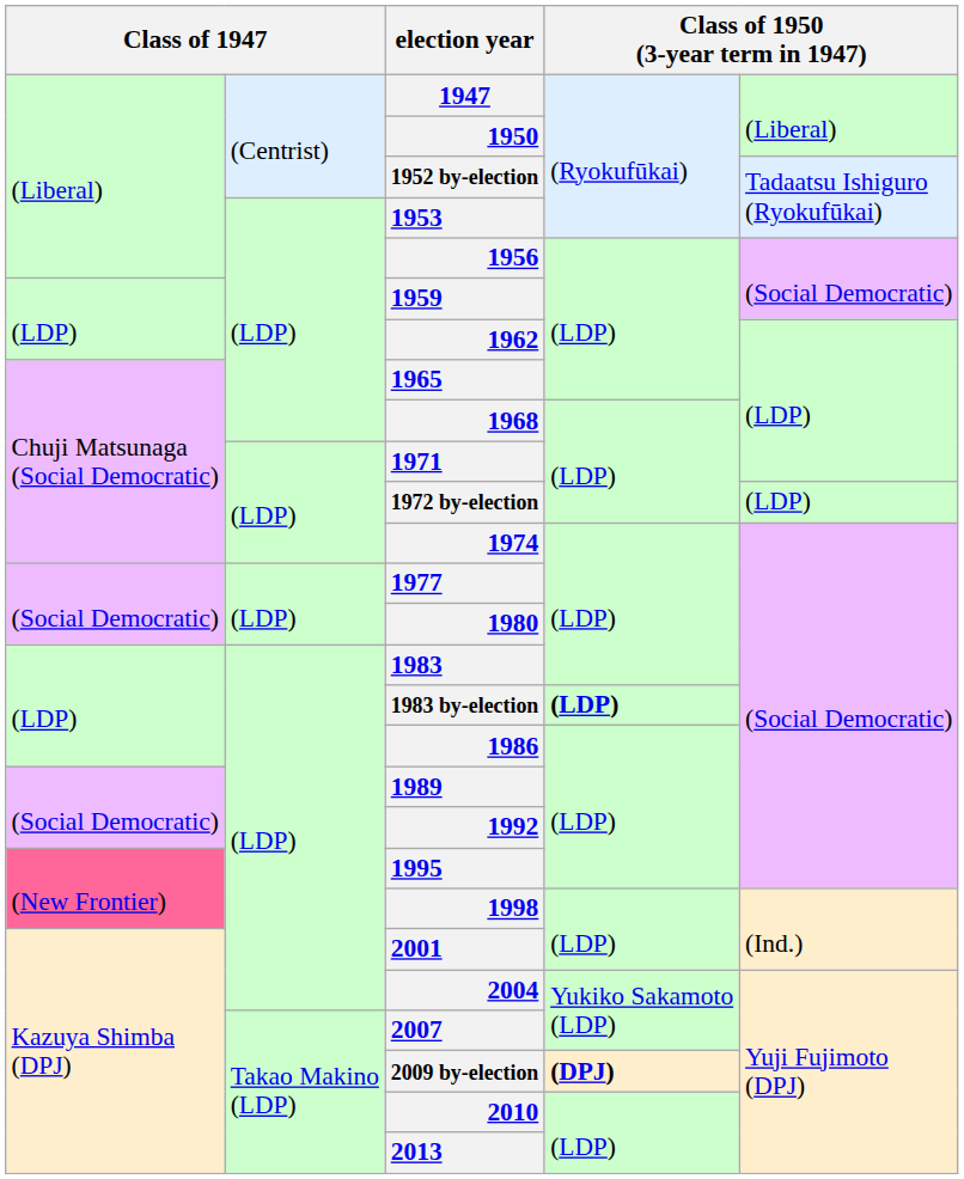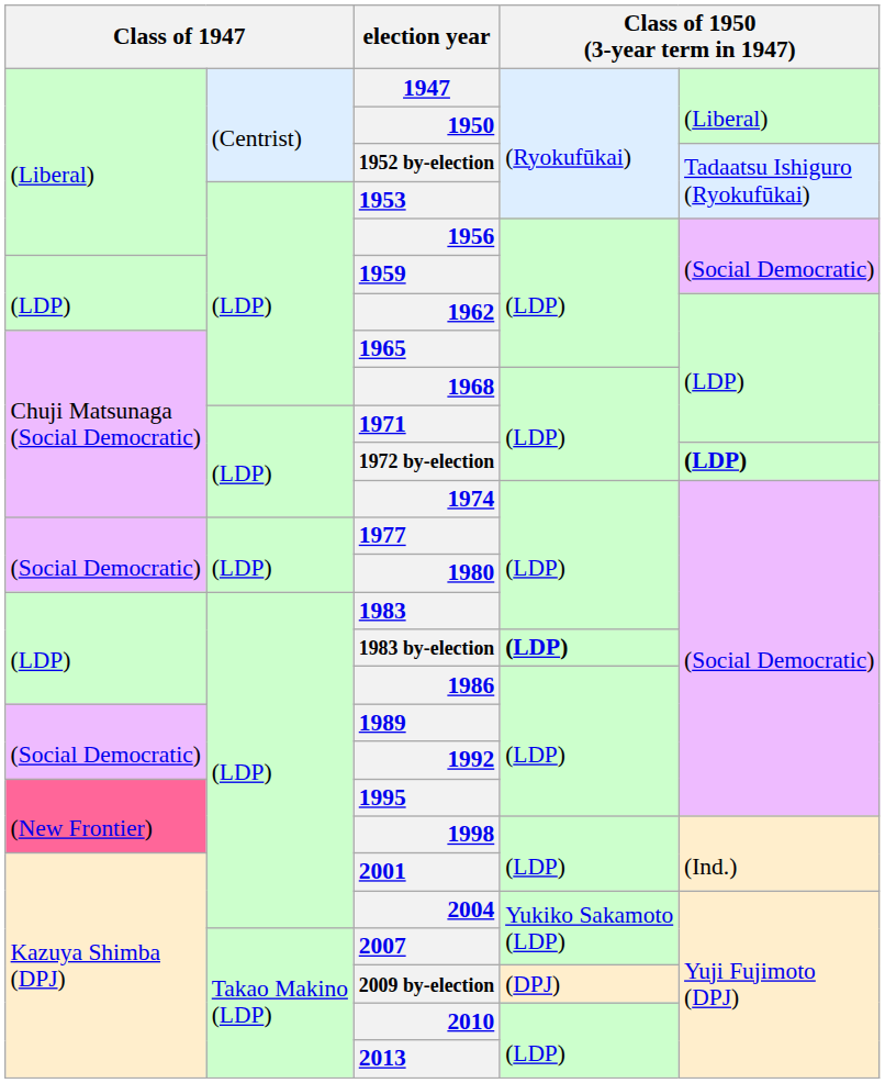 <table class="wikitable" border="1">
 <tr>
 <th colspan="2">Class of 1947</th>
 <th>election year</th>
 <th colspan="2">Class of 1950<br>(3-year term in 1947)</th>
 </tr>
 <tr>
 <td rowspan="5" bgcolor="#CCFFCC"><br>(<a href='#'>Liberal</a>)</td>
 <td rowspan="3" bgcolor="#DDEEFF"><br>(Centrist)</td>
 <th style="text-align: center"><a href='#'>1947</a></th>
 <td rowspan="4" bgcolor="#DDEEFF"><br>(<a href='#'>Ryokufūkai</a>)</td>
 <td rowspan="2" bgcolor="#CCFFCC"><br>(<a href='#'>Liberal</a>)</td>
 </tr>
 <tr>
 <th style="text-align: right"><a href='#'>1950</a></th>
 </tr>
 <tr>
 <th style="text-align: right"><small>1952 by-election</small></th>
 <td rowspan="2" bgcolor="#DDEEFF"><a href='#'>Tadaatsu Ishiguro</a><br>(<a href='#'>Ryokufūkai</a>)</td>
 </tr>
 <tr>
 <td rowspan="6" bgcolor="#CCFFCC"><br>(<a href='#'>LDP</a>)</td>
 <th style="text-align: left"><a href='#'>1953</a></th>
 </tr>
 <tr>
 <th style="text-align: right"><a href='#'>1956</a></th>
 <td rowspan="4" bgcolor="#CCFFCC"><br>(<a href='#'>LDP</a>)</td>
 <td rowspan="2" bgcolor="#EEBBFF"><br>(<a href='#'>Social Democratic</a>)</td>
 </tr>
 <tr>
 <td rowspan="2" bgcolor="#CCFFCC"><br>(<a href='#'>LDP</a>)</td>
 <th style="text-align: left"><a href='#'>1959</a></th>
 </tr>
 <tr>
 <th style="text-align: right"><a href='#'>1962</a></th>
 <td rowspan="4" bgcolor="#CCFFCC"><br>(<a href='#'>LDP</a>)</td>
 </tr>
 <tr>
 <td rowspan="5" bgcolor="#EEBBFF">Chuji Matsunaga<br>(<a href='#'>Social Democratic</a>)</td>
 <th style="text-align: left"><a href='#'>1965</a></th>
 </tr>
 <tr>
 <th style="text-align: right"><a href='#'>1968</a></th>
 <td rowspan="3" bgcolor="#CCFFCC"><br>(<a href='#'>LDP</a>)</td>
 </tr>
 <tr>
 <td rowspan="3" bgcolor="#CCFFCC"><br>(<a href='#'>LDP</a>)</td>
 <th style="text-align: left"><a href='#'>1971</a></th>
 </tr>
 <tr>
 <th style="text-align: right"><small>1972 by-election</small></th>
-<td bgcolor="#CCFFCC"> (<a href='#'>LDP</a>)</td>
+<td bgcolor="#CCFFCC"><strong> (<a href='#'>LDP</a>)</strong></td>
 </tr>
 <tr>
 <th style="text-align: right"><a href='#'>1974</a></th>
 <td rowspan="4" bgcolor="#CCFFCC"><br>(<a href='#'>LDP</a>)</td>
 <td rowspan="9" bgcolor="#EEBBFF"><br>(<a href='#'>Social Democratic</a>)</td>
 </tr>
 <tr>
 <td rowspan="2" bgcolor="#EEBBFF"><br>(<a href='#'>Social Democratic</a>)</td>
 <td rowspan="2" bgcolor="#CCFFCC"><br>(<a href='#'>LDP</a>)</td>
 <th style="text-align: left"><a href='#'>1977</a></th>
 </tr>
 <tr>
 <th style="text-align: right"><a href='#'>1980</a></th>
 </tr>
 <tr>
 <td rowspan="3" bgcolor="#CCFFCC"><br>(<a href='#'>LDP</a>)</td>
 <td rowspan="9" bgcolor="#CCFFCC"><br>(<a href='#'>LDP</a>)</td>
 <th style="text-align: left"><a href='#'>1983</a></th>
 </tr>
 <tr>
 <th style="text-align: right"><small>1983 by-election</small></th>
 <td bgcolor="#CCFFCC"><strong> (<a href='#'>LDP</a>)</strong></td>
 </tr>
 <tr>
 <th style="text-align: right"><a href='#'>1986</a></th>
 <td rowspan="4" bgcolor="#CCFFCC"><br>(<a href='#'>LDP</a>)</td>
 </tr>
 <tr>
 <td rowspan="2" bgcolor="#EEBBFF"><br>(<a href='#'>Social Democratic</a>)</td>
 <th style="text-align: left"><a href='#'>1989</a></th>
 </tr>
 <tr>
 <th style="text-align: right"><a href='#'>1992</a></th>
 </tr>
 <tr>
 <td rowspan="2" bgcolor="#FF6699"><br>(<a href='#'>New Frontier</a>)</td>
 <th style="text-align: left"><a href='#'>1995</a></th>
 </tr>
 <tr>
 <th style="text-align: right"><a href='#'>1998</a></th>
 <td rowspan="2" bgcolor="#CCFFCC"><br>(<a href='#'>LDP</a>)</td>
 <td rowspan="2" bgcolor="#FFEECC"><br>(Ind.)</td>
 </tr>
 <tr>
 <td rowspan="6" bgcolor="#FFEECC"><a href='#'>Kazuya Shimba</a><br>(<a href='#'>DPJ</a>)</td>
 <th style="text-align: left"><a href='#'>2001</a></th>
 </tr>
 <tr>
 <th style="text-align: right"><a href='#'>2004</a></th>
 <td rowspan="2" bgcolor="#CCFFCC"><a href='#'>Yukiko Sakamoto</a><br>(<a href='#'>LDP</a>)</td>
 <td rowspan="5" bgcolor="#FFEECC"><a href='#'>Yuji Fujimoto</a><br>(<a href='#'>DPJ</a>)</td>
 </tr>
 <tr>
 <td rowspan="4" bgcolor="#CCFFCC"><a href='#'>Takao Makino</a><br>(<a href='#'>LDP</a>)</td>
 <th style="text-align: left"><a href='#'>2007</a></th>
 </tr>
 <tr>
 <th style="text-align: right"><small>2009 by-election</small></th>
-<td bgcolor="#FFEECC"><strong> (<a href='#'>DPJ</a>)</strong></td>
+<td bgcolor="#FFEECC"> (<a href='#'>DPJ</a>)</td>
 </tr>
 <tr>
 <th style="text-align: right"><a href='#'>2010</a></th>
 <td rowspan="2" bgcolor="#CCFFCC"><br>(<a href='#'>LDP</a>)</td>
 </tr>
 <tr>
 <th style="text-align: left"><a href='#'>2013</a></th>
 </tr>
 </table>
